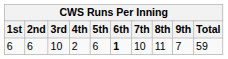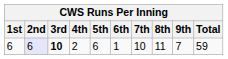 <table class="wikitable">
 <tr>
 <th colspan="11">CWS Runs Per Inning</th>
 </tr>
 <tr>
 <th>1st</th>
 <th>2nd</th>
 <th>3rd</th>
 <th>4th</th>
 <th>5th</th>
 <th>6th</th>
 <th>7th</th>
 <th>8th</th>
 <th>9th</th>
 <th>Total</th>
 </tr>
 <tr>
 <td>6</td>
-<td>6</td>
-<td>10</td>
+<td style="background: lavender;">6</td>
+<td><strong>10</strong></td>
 <td>2</td>
 <td>6</td>
-<td><strong>1</strong></td>
+<td>1</td>
 <td>10</td>
 <td>11</td>
 <td>7</td>
 <td>59</td>
 </tr>
 </table>
